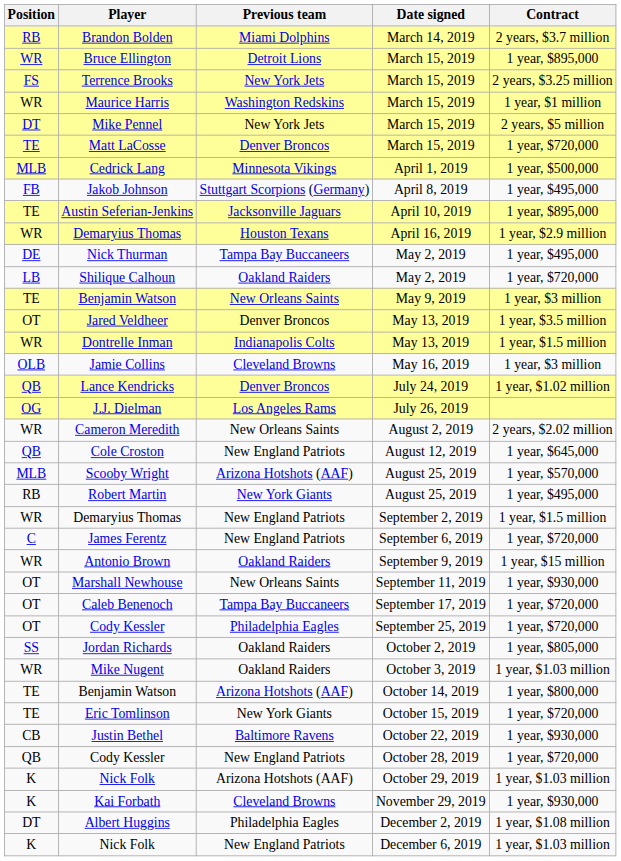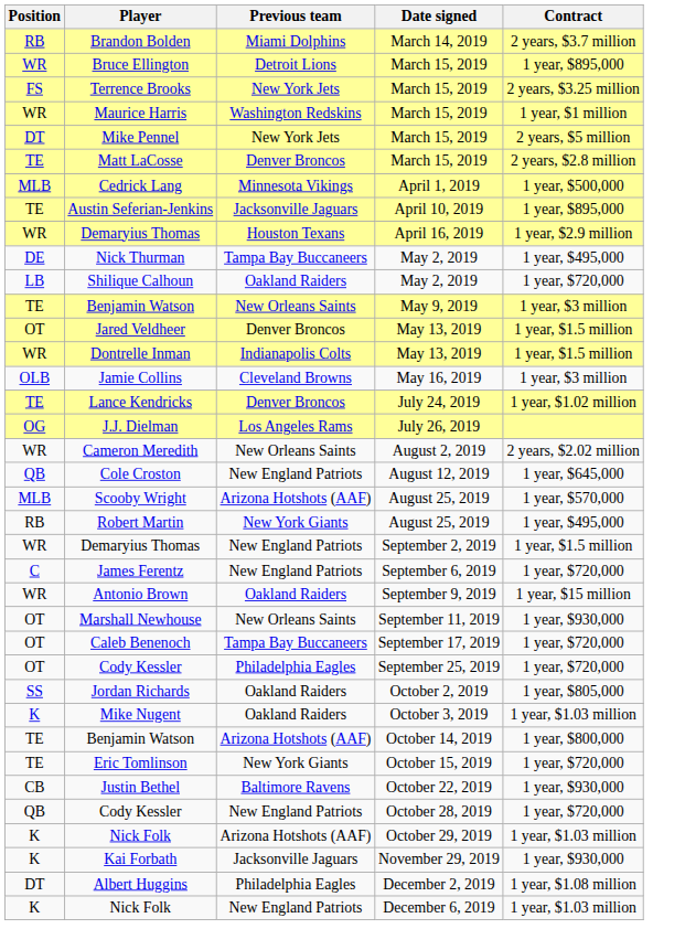 <table class="wikitable" style="text-align:center">
 <tr>
 <th>Position</th>
 <th>Player</th>
 <th>Previous team</th>
 <th>Date signed</th>
 <th>Contract</th>
 </tr>
 <tr style="background:#ff9">
 <td><a href='#'>RB</a></td>
 <td><a href='#'>Brandon Bolden</a></td>
 <td><a href='#'>Miami Dolphins</a></td>
 <td>March 14, 2019</td>
 <td>2 years, $3.7 million</td>
 </tr>
 <tr style="background:#ff9">
 <td><a href='#'>WR</a></td>
 <td><a href='#'>Bruce Ellington</a></td>
 <td><a href='#'>Detroit Lions</a></td>
 <td>March 15, 2019</td>
 <td>1 year, $895,000</td>
 </tr>
 <tr style="background:#ff9">
 <td><a href='#'>FS</a></td>
 <td><a href='#'>Terrence Brooks</a></td>
 <td><a href='#'>New York Jets</a></td>
 <td>March 15, 2019</td>
 <td>2 years, $3.25 million</td>
 </tr>
 <tr style="background:#ff9">
 <td>WR</td>
 <td><a href='#'>Maurice Harris</a></td>
 <td><a href='#'>Washington Redskins</a></td>
 <td>March 15, 2019</td>
 <td>1 year, $1 million</td>
 </tr>
 <tr style="background:#ff9">
 <td><a href='#'>DT</a></td>
 <td><a href='#'>Mike Pennel</a></td>
 <td>New York Jets</td>
 <td>March 15, 2019</td>
 <td>2 years, $5 million</td>
 </tr>
 <tr style="background:#ff9">
 <td><a href='#'>TE</a></td>
 <td><a href='#'>Matt LaCosse</a></td>
 <td><a href='#'>Denver Broncos</a></td>
 <td>March 15, 2019</td>
-<td>1 year, $720,000</td>
+<td>2 years, $2.8 million</td>
 </tr>
 <tr style="background:#ff9">
 <td><a href='#'>MLB</a></td>
 <td><a href='#'>Cedrick Lang</a></td>
 <td><a href='#'>Minnesota Vikings</a></td>
 <td>April 1, 2019</td>
 <td>1 year, $500,000</td>
-</tr>
-<tr>
-<td><a href='#'>FB</a></td>
-<td><a href='#'>Jakob Johnson</a></td>
-<td><a href='#'>Stuttgart Scorpions</a> (<a href='#'>Germany</a>)</td>
-<td>April 8, 2019</td>
-<td>1 year, $495,000</td>
 </tr>
 <tr style="background:#ff9">
 <td>TE</td>
 <td><a href='#'>Austin Seferian-Jenkins</a></td>
 <td><a href='#'>Jacksonville Jaguars</a></td>
 <td>April 10, 2019</td>
 <td>1 year, $895,000</td>
 </tr>
 <tr style="background:#ff9">
 <td>WR</td>
 <td><a href='#'>Demaryius Thomas</a></td>
 <td><a href='#'>Houston Texans</a></td>
 <td>April 16, 2019</td>
 <td>1 year, $2.9 million</td>
 </tr>
 <tr>
 <td><a href='#'>DE</a></td>
 <td><a href='#'>Nick Thurman</a></td>
 <td><a href='#'>Tampa Bay Buccaneers</a></td>
 <td>May 2, 2019</td>
 <td>1 year, $495,000</td>
 </tr>
 <tr>
 <td><a href='#'>LB</a></td>
 <td><a href='#'>Shilique Calhoun</a></td>
 <td><a href='#'>Oakland Raiders</a></td>
 <td>May 2, 2019</td>
 <td>1 year, $720,000</td>
 </tr>
 <tr style="background:#ff9">
 <td>TE</td>
 <td><a href='#'>Benjamin Watson</a></td>
 <td><a href='#'>New Orleans Saints</a></td>
 <td>May 9, 2019</td>
 <td>1 year, $3 million</td>
 </tr>
 <tr style="background:#ff9">
 <td>OT</td>
 <td><a href='#'>Jared Veldheer</a></td>
 <td>Denver Broncos</td>
 <td>May 13, 2019</td>
-<td>1 year, $3.5 million</td>
+<td>1 year, $1.5 million</td>
 </tr>
 <tr style="background:#ff9">
 <td>WR</td>
 <td><a href='#'>Dontrelle Inman</a></td>
 <td><a href='#'>Indianapolis Colts</a></td>
 <td>May 13, 2019</td>
 <td>1 year, $1.5 million</td>
 </tr>
 <tr>
 <td><a href='#'>OLB</a></td>
 <td><a href='#'>Jamie Collins</a></td>
 <td><a href='#'>Cleveland Browns</a></td>
 <td>May 16, 2019</td>
 <td>1 year, $3 million</td>
 </tr>
 <tr style="background:#ff9">
-<td><a href='#'>QB</a></td>
+<td><a href='#'>TE</a></td>
 <td><a href='#'>Lance Kendricks</a></td>
 <td><a href='#'>Denver Broncos</a></td>
 <td>July 24, 2019</td>
 <td>1 year, $1.02 million</td>
 </tr>
 <tr style="background:#ff9">
 <td><a href='#'>OG</a></td>
 <td><a href='#'>J.J. Dielman</a></td>
 <td><a href='#'>Los Angeles Rams</a></td>
 <td>July 26, 2019</td>
 <td></td>
 </tr>
 <tr>
 <td>WR</td>
 <td><a href='#'>Cameron Meredith</a></td>
 <td>New Orleans Saints</td>
 <td>August 2, 2019</td>
 <td>2 years, $2.02 million</td>
 </tr>
 <tr>
 <td><a href='#'>QB</a></td>
 <td><a href='#'>Cole Croston</a></td>
 <td>New England Patriots</td>
 <td>August 12, 2019</td>
 <td>1 year, $645,000</td>
 </tr>
 <tr>
 <td><a href='#'>MLB</a></td>
 <td><a href='#'>Scooby Wright</a></td>
 <td><a href='#'>Arizona Hotshots</a> (<a href='#'>AAF</a>)</td>
 <td>August 25, 2019</td>
 <td>1 year, $570,000</td>
 </tr>
 <tr>
 <td>RB</td>
 <td><a href='#'>Robert Martin</a></td>
 <td><a href='#'>New York Giants</a></td>
 <td>August 25, 2019</td>
 <td>1 year, $495,000</td>
 </tr>
 <tr>
 <td>WR</td>
 <td>Demaryius Thomas</td>
 <td>New England Patriots</td>
 <td>September 2, 2019</td>
 <td>1 year, $1.5 million</td>
 </tr>
 <tr>
 <td><a href='#'>C</a></td>
 <td><a href='#'>James Ferentz</a></td>
 <td>New England Patriots</td>
 <td>September 6, 2019</td>
 <td>1 year, $720,000</td>
 </tr>
 <tr>
 <td>WR</td>
 <td><a href='#'>Antonio Brown</a></td>
 <td><a href='#'>Oakland Raiders</a></td>
 <td>September 9, 2019</td>
 <td>1 year, $15 million</td>
 </tr>
 <tr>
 <td>OT</td>
 <td><a href='#'>Marshall Newhouse</a></td>
 <td>New Orleans Saints</td>
 <td>September 11, 2019</td>
 <td>1 year, $930,000</td>
 </tr>
 <tr>
 <td>OT</td>
 <td><a href='#'>Caleb Benenoch</a></td>
 <td><a href='#'>Tampa Bay Buccaneers</a></td>
 <td>September 17, 2019</td>
 <td>1 year, $720,000</td>
 </tr>
 <tr>
 <td>OT</td>
 <td><a href='#'>Cody Kessler</a></td>
 <td><a href='#'>Philadelphia Eagles</a></td>
 <td>September 25, 2019</td>
 <td>1 year, $720,000</td>
 </tr>
 <tr>
 <td><a href='#'>SS</a></td>
 <td><a href='#'>Jordan Richards</a></td>
 <td>Oakland Raiders</td>
 <td>October 2, 2019</td>
 <td>1 year, $805,000</td>
 </tr>
 <tr>
-<td>WR</td>
+<td><a href='#'>K</a></td>
 <td><a href='#'>Mike Nugent</a></td>
 <td>Oakland Raiders</td>
 <td>October 3, 2019</td>
 <td>1 year, $1.03 million</td>
 </tr>
 <tr>
 <td>TE</td>
 <td>Benjamin Watson</td>
 <td><a href='#'>Arizona Hotshots</a> (<a href='#'>AAF</a>)</td>
 <td>October 14, 2019</td>
 <td>1 year, $800,000</td>
 </tr>
 <tr>
 <td>TE</td>
 <td><a href='#'>Eric Tomlinson</a></td>
 <td>New York Giants</td>
 <td>October 15, 2019</td>
 <td>1 year, $720,000</td>
 </tr>
 <tr>
 <td>CB</td>
 <td><a href='#'>Justin Bethel</a></td>
 <td><a href='#'>Baltimore Ravens</a></td>
 <td>October 22, 2019</td>
 <td>1 year, $930,000</td>
 </tr>
 <tr>
 <td>QB</td>
 <td>Cody Kessler</td>
 <td>New England Patriots</td>
 <td>October 28, 2019</td>
 <td>1 year, $720,000</td>
 </tr>
 <tr>
 <td>K</td>
 <td><a href='#'>Nick Folk</a></td>
 <td>Arizona Hotshots (AAF)</td>
 <td>October 29, 2019</td>
 <td>1 year, $1.03 million</td>
 </tr>
 <tr>
 <td>K</td>
 <td><a href='#'>Kai Forbath</a></td>
-<td><a href='#'>Cleveland Browns</a></td>
+<td>Jacksonville Jaguars</td>
 <td>November 29, 2019</td>
 <td>1 year, $930,000</td>
 </tr>
 <tr>
 <td>DT</td>
 <td><a href='#'>Albert Huggins</a></td>
 <td>Philadelphia Eagles</td>
 <td>December 2, 2019</td>
 <td>1 year, $1.08 million</td>
 </tr>
 <tr>
 <td>K</td>
 <td>Nick Folk</td>
 <td>New England Patriots</td>
 <td>December 6, 2019</td>
 <td>1 year, $1.03 million</td>
 </tr>
 </table>
